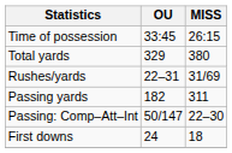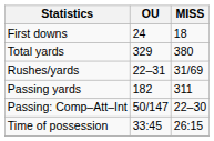 <table class="wikitable" style="float: left;">
 <tr>
 <th>Statistics</th>
 <th>OU</th>
 <th>MISS</th>
 </tr>
 <tr>
-<td>Time of possession</td>
-<td>33:45</td>
-<td>26:15</td>
+<td>First downs</td>
+<td>24</td>
+<td>18</td>
 </tr>
 <tr>
 <td>Total yards</td>
 <td>329</td>
 <td>380</td>
 </tr>
 <tr>
 <td>Rushes/yards</td>
 <td>22–31</td>
 <td>31/69</td>
 </tr>
 <tr>
 <td>Passing yards</td>
 <td>182</td>
 <td>311</td>
 </tr>
 <tr>
 <td>Passing: Comp–Att–Int</td>
 <td>50/147</td>
 <td>22–30</td>
 </tr>
 <tr>
-<td>First downs</td>
-<td>24</td>
-<td>18</td>
+<td>Time of possession</td>
+<td>33:45</td>
+<td>26:15</td>
 </tr>
 <tr>
 </tr>
 </table>
